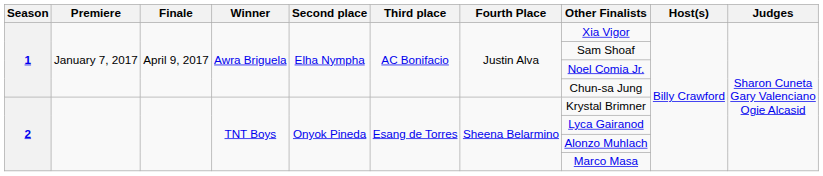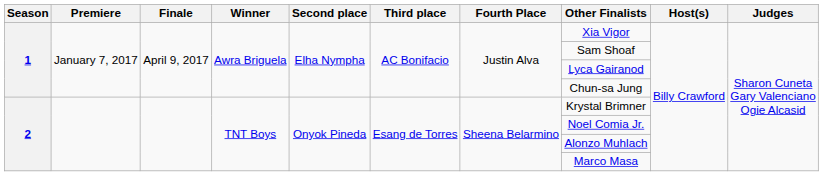 <table class="wikitable" style="text-align:center;">
 <tr>
 <th>Season</th>
 <th>Premiere</th>
 <th>Finale</th>
 <th>Winner</th>
 <th>Second place</th>
 <th>Third place</th>
 <th>Fourth Place</th>
 <th>Other Finalists</th>
 <th>Host(s)</th>
 <th>Judges</th>
 </tr>
 <tr>
 <th rowspan="4"><a href='#'>1</a></th>
 <td rowspan="4">January 7, 2017</td>
 <td rowspan="4">April 9, 2017</td>
 <td rowspan="4"><a href='#'>Awra Briguela</a></td>
 <td rowspan="4"><a href='#'>Elha Nympha</a></td>
 <td rowspan="4"><a href='#'>AC Bonifacio</a></td>
 <td rowspan="4">Justin Alva</td>
 <td><a href='#'>Xia Vigor</a></td>
 <td rowspan="8"><a href='#'>Billy Crawford</a></td>
 <td rowspan="8"><a href='#'>Sharon Cuneta</a><br><a href='#'>Gary Valenciano</a><br><a href='#'>Ogie Alcasid</a></td>
 </tr>
 <tr>
 <td>Sam Shoaf</td>
 </tr>
 <tr>
-<td><a href='#'>Noel Comia Jr.</a></td>
+<td><a href='#'>Lyca Gairanod</a></td>
 </tr>
 <tr>
 <td>Chun-sa Jung</td>
 </tr>
 <tr>
 <th rowspan="4"><a href='#'>2</a></th>
 <td rowspan="4"></td>
 <td rowspan="4"></td>
 <td rowspan="4"><a href='#'>TNT Boys</a></td>
 <td rowspan="4"><a href='#'>Onyok Pineda</a></td>
 <td rowspan="4"><a href='#'>Esang de Torres</a></td>
 <td rowspan="4"><a href='#'>Sheena Belarmino</a></td>
 <td>Krystal Brimner</td>
 </tr>
 <tr>
-<td><a href='#'>Lyca Gairanod</a></td>
+<td><a href='#'>Noel Comia Jr.</a></td>
 </tr>
 <tr>
 <td><a href='#'>Alonzo Muhlach</a></td>
 </tr>
 <tr>
 <td><a href='#'>Marco Masa</a></td>
 </tr>
 </table>
